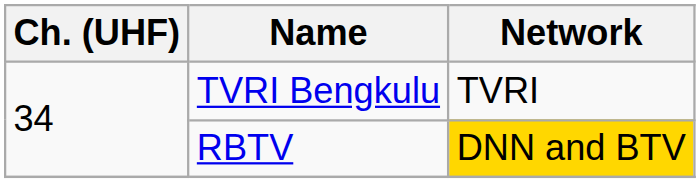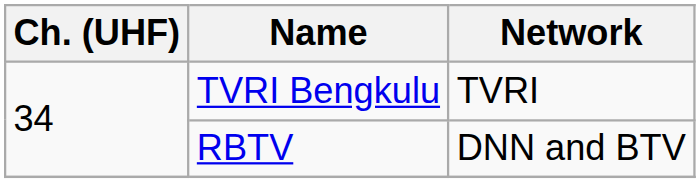 <table class="wikitable">
 <tr>
 <th>Ch. (UHF)</th>
 <th>Name</th>
 <th>Network</th>
 </tr>
 <tr>
 <td rowspan="2">34</td>
 <td><a href='#'>TVRI Bengkulu</a></td>
 <td>TVRI</td>
 </tr>
 <tr>
 <td><a href='#'>RBTV</a></td>
-<td style="background: gold;">DNN and BTV</td>
+<td>DNN and BTV</td>
 </tr>
 <tr>
 </tr>
 </table>
